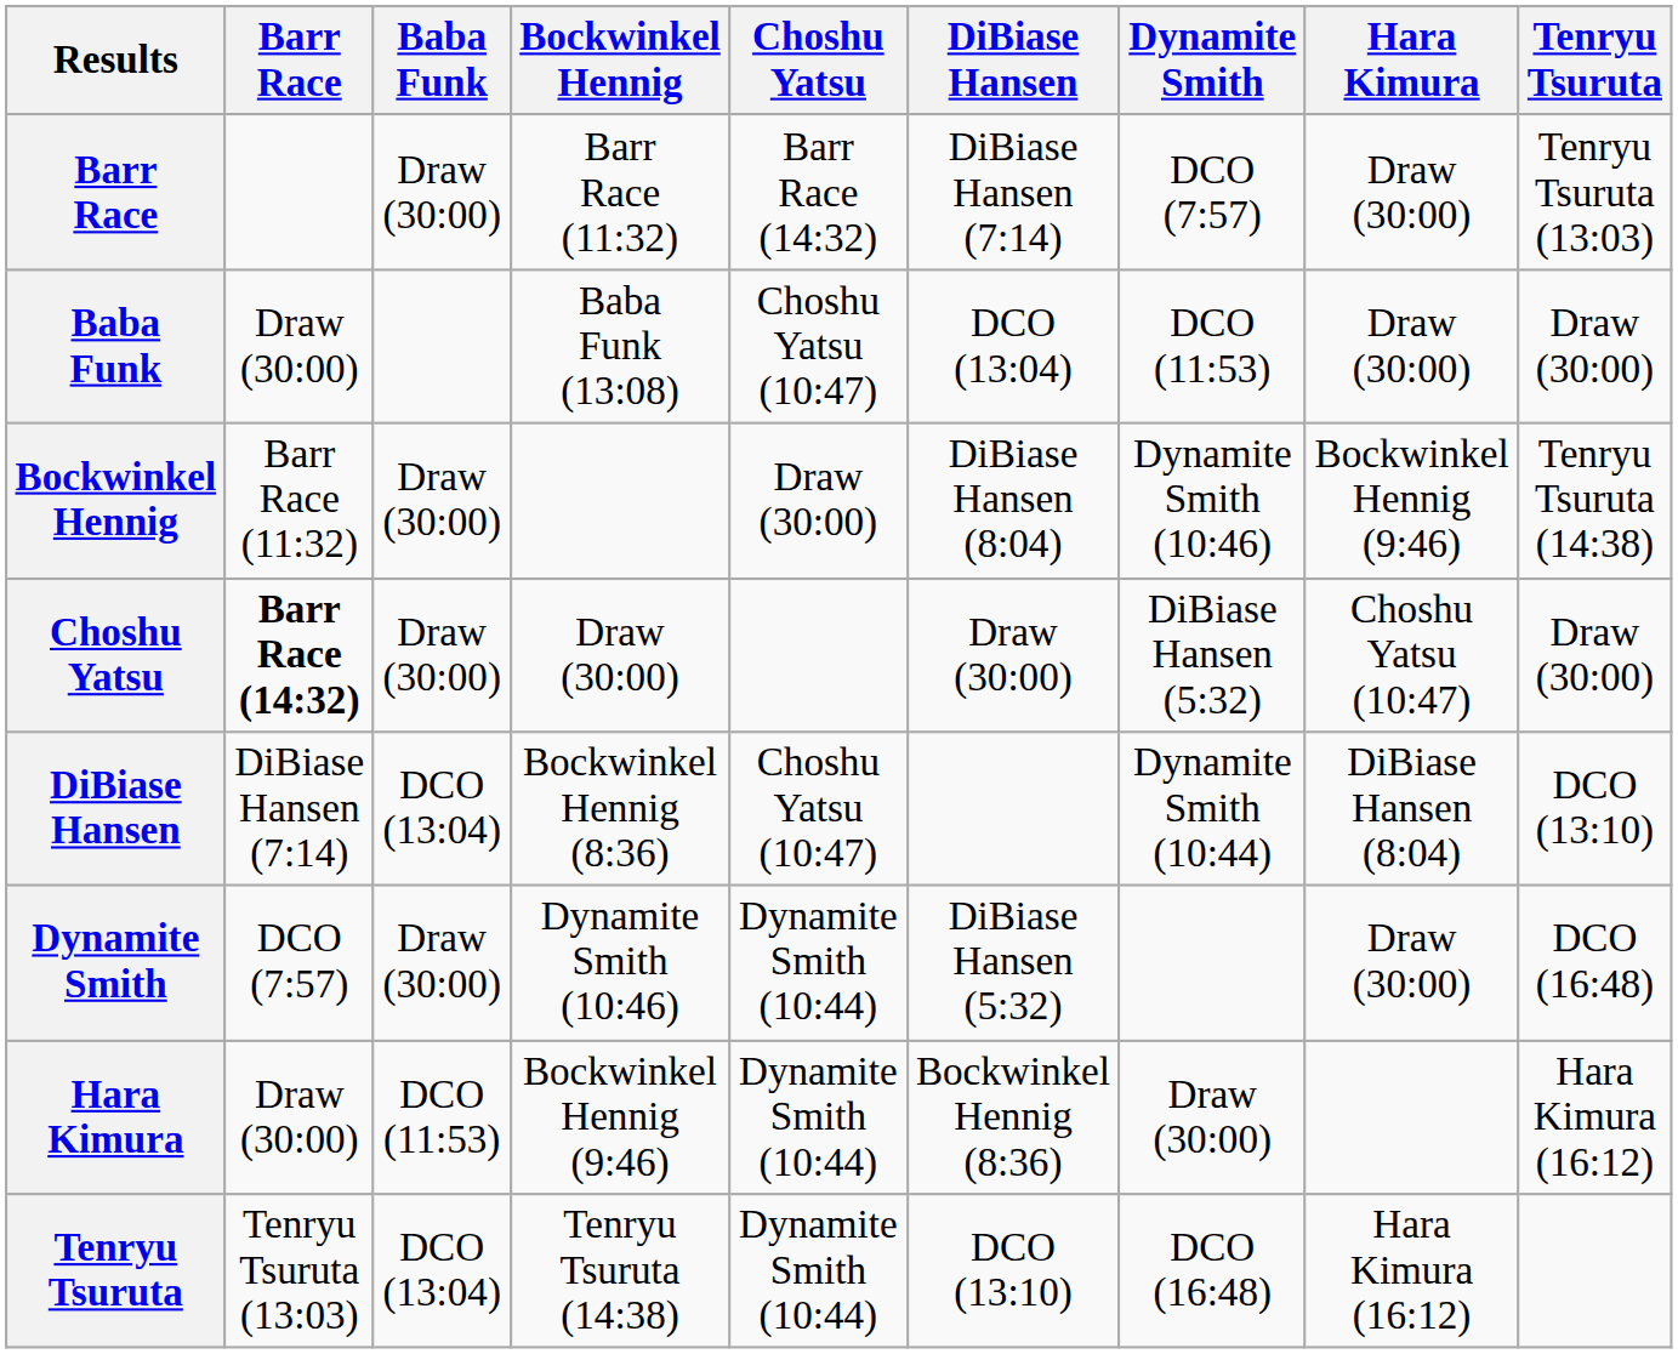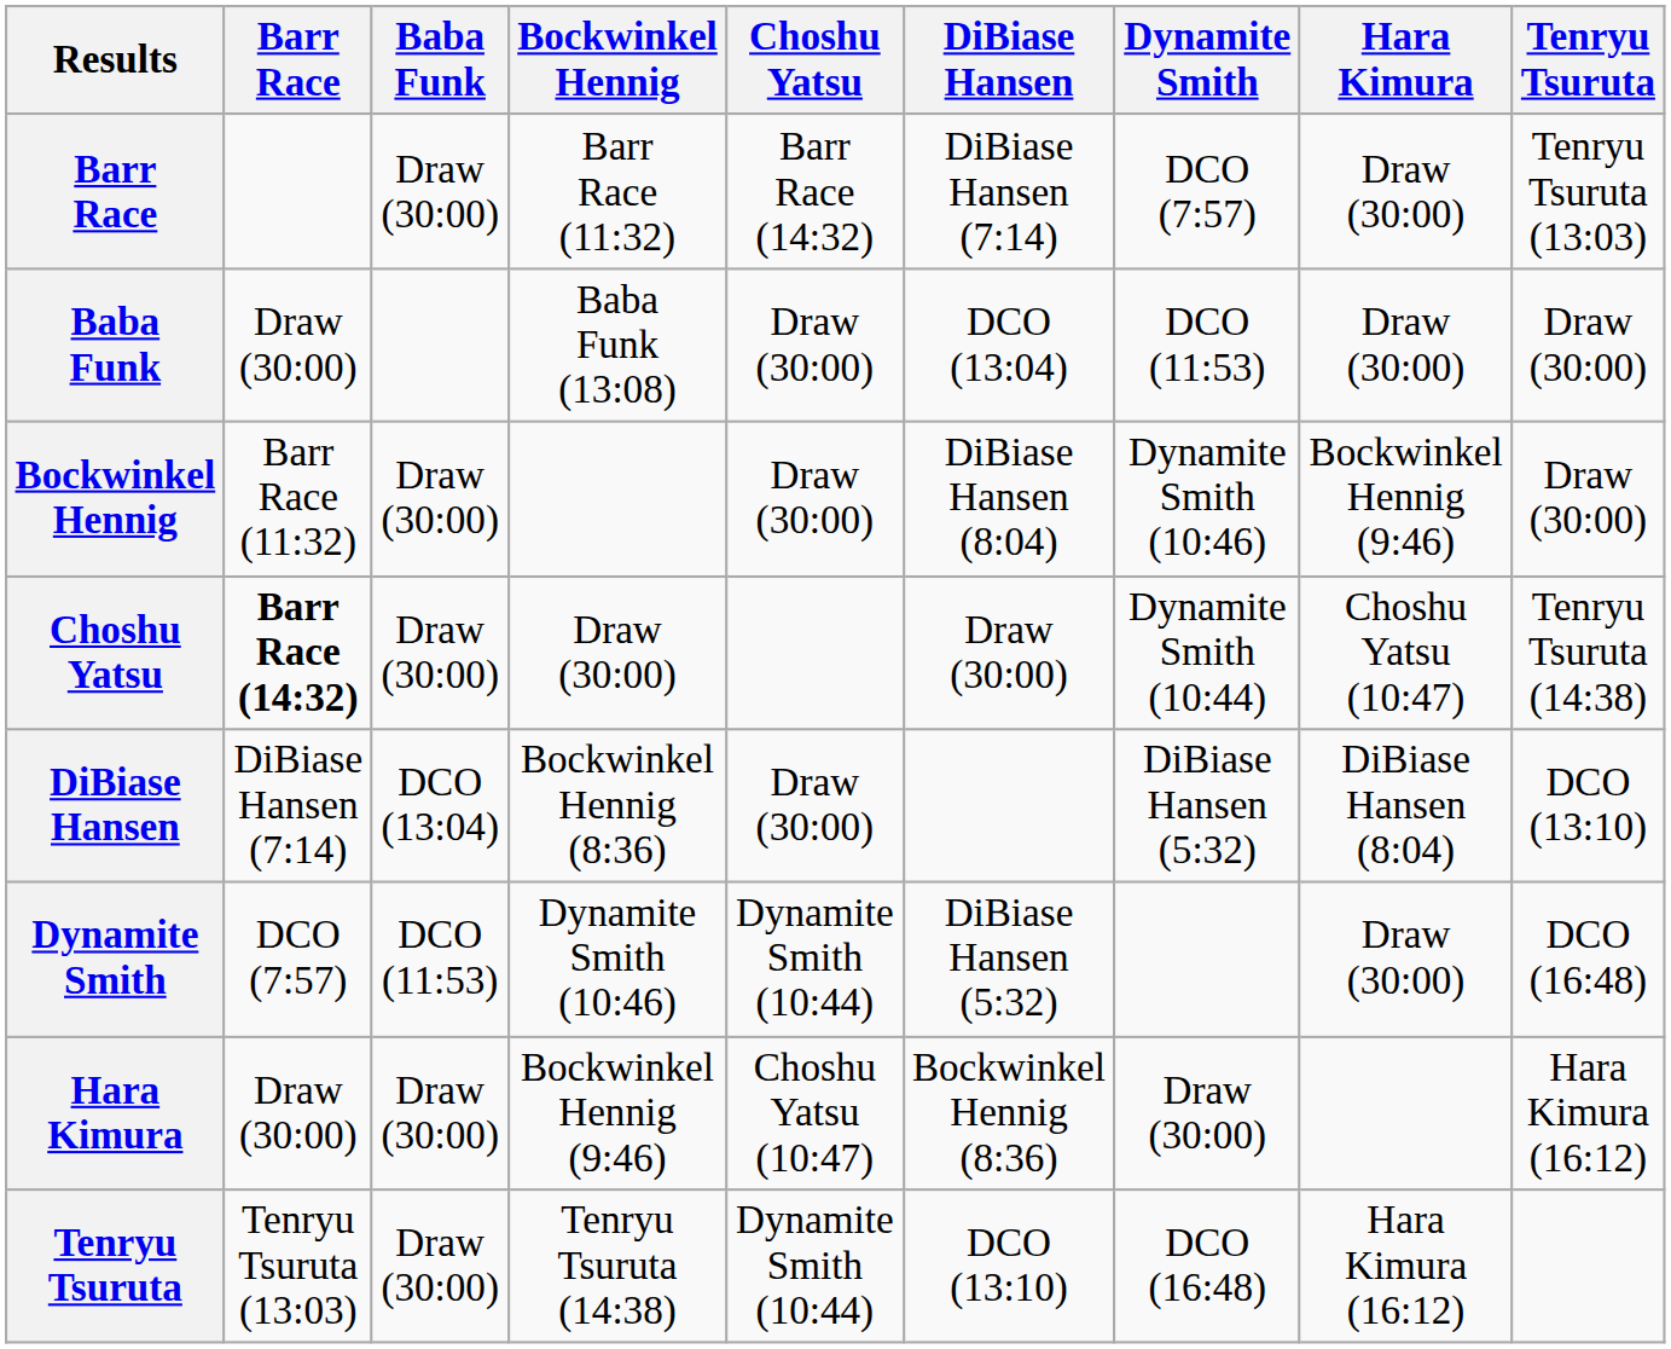 <table class="wikitable" style="text-align:center; margin: 1em auto 1em auto">
 <tr>
 <th>Results</th>
 <th><a href='#'>Barr</a><br><a href='#'>Race</a></th>
 <th><a href='#'>Baba</a><br><a href='#'>Funk</a></th>
 <th><a href='#'>Bockwinkel</a><br><a href='#'>Hennig</a></th>
 <th><a href='#'>Choshu</a><br><a href='#'>Yatsu</a></th>
 <th><a href='#'>DiBiase</a><br><a href='#'>Hansen</a></th>
 <th><a href='#'>Dynamite</a><br><a href='#'>Smith</a></th>
 <th><a href='#'>Hara</a><br><a href='#'>Kimura</a></th>
 <th><a href='#'>Tenryu</a><br><a href='#'>Tsuruta</a></th>
 </tr>
 <tr>
 <th><a href='#'>Barr</a><br><a href='#'>Race</a></th>
 <td></td>
 <td>Draw<br>(30:00)</td>
 <td>Barr<br>Race<br>(11:32)</td>
 <td>Barr<br>Race<br>(14:32)</td>
 <td>DiBiase<br>Hansen<br>(7:14)</td>
 <td>DCO<br>(7:57)</td>
 <td>Draw<br>(30:00)</td>
 <td>Tenryu<br>Tsuruta<br>(13:03)</td>
 </tr>
 <tr>
 <th><a href='#'>Baba</a><br><a href='#'>Funk</a></th>
 <td>Draw<br>(30:00)</td>
 <td></td>
 <td>Baba<br>Funk<br>(13:08)</td>
-<td>Choshu<br>Yatsu<br>(10:47)</td>
+<td>Draw<br>(30:00)</td>
 <td>DCO<br>(13:04)</td>
 <td>DCO<br>(11:53)</td>
 <td>Draw<br>(30:00)</td>
 <td>Draw<br>(30:00)</td>
 </tr>
 <tr>
 <th><a href='#'>Bockwinkel</a><br><a href='#'>Hennig</a></th>
 <td>Barr<br>Race<br>(11:32)</td>
 <td>Draw<br>(30:00)</td>
 <td></td>
 <td>Draw<br>(30:00)</td>
 <td>DiBiase<br>Hansen<br>(8:04)</td>
 <td>Dynamite<br>Smith<br>(10:46)</td>
 <td>Bockwinkel<br>Hennig<br>(9:46)</td>
-<td>Tenryu<br>Tsuruta<br>(14:38)</td>
+<td>Draw<br>(30:00)</td>
 </tr>
 <tr>
 <th><a href='#'>Choshu</a><br><a href='#'>Yatsu</a></th>
 <td><strong>Barr<br>Race<br>(14:32)</strong></td>
 <td>Draw<br>(30:00)</td>
 <td>Draw<br>(30:00)</td>
 <td></td>
 <td>Draw<br>(30:00)</td>
-<td>DiBiase<br>Hansen<br>(5:32)</td>
+<td>Dynamite<br>Smith<br>(10:44)</td>
 <td>Choshu<br>Yatsu<br>(10:47)</td>
-<td>Draw<br>(30:00)</td>
+<td>Tenryu<br>Tsuruta<br>(14:38)</td>
 </tr>
 <tr>
 <th><a href='#'>DiBiase</a><br><a href='#'>Hansen</a></th>
 <td>DiBiase<br>Hansen<br>(7:14)</td>
 <td>DCO<br>(13:04)</td>
 <td>Bockwinkel<br>Hennig<br>(8:36)</td>
-<td>Choshu<br>Yatsu<br>(10:47)</td>
+<td>Draw<br>(30:00)</td>
 <td></td>
-<td>Dynamite<br>Smith<br>(10:44)</td>
+<td>DiBiase<br>Hansen<br>(5:32)</td>
 <td>DiBiase<br>Hansen<br>(8:04)</td>
 <td>DCO<br>(13:10)</td>
 </tr>
 <tr>
 <th><a href='#'>Dynamite</a><br><a href='#'>Smith</a></th>
 <td>DCO<br>(7:57)</td>
-<td>Draw<br>(30:00)</td>
+<td>DCO<br>(11:53)</td>
 <td>Dynamite<br>Smith<br>(10:46)</td>
 <td>Dynamite<br>Smith<br>(10:44)</td>
 <td>DiBiase<br>Hansen<br>(5:32)</td>
 <td></td>
 <td>Draw<br>(30:00)</td>
 <td>DCO<br>(16:48)</td>
 </tr>
 <tr>
 <th><a href='#'>Hara</a><br><a href='#'>Kimura</a></th>
 <td>Draw<br>(30:00)</td>
-<td>DCO<br>(11:53)</td>
+<td>Draw<br>(30:00)</td>
 <td>Bockwinkel<br>Hennig<br>(9:46)</td>
-<td>Dynamite<br>Smith<br>(10:44)</td>
+<td>Choshu<br>Yatsu<br>(10:47)</td>
 <td>Bockwinkel<br>Hennig<br>(8:36)</td>
 <td>Draw<br>(30:00)</td>
 <td></td>
 <td>Hara<br>Kimura<br>(16:12)</td>
 </tr>
 <tr>
 <th><a href='#'>Tenryu</a><br><a href='#'>Tsuruta</a></th>
 <td>Tenryu<br>Tsuruta<br>(13:03)</td>
-<td>DCO<br>(13:04)</td>
+<td>Draw<br>(30:00)</td>
 <td>Tenryu<br>Tsuruta<br>(14:38)</td>
 <td>Dynamite<br>Smith<br>(10:44)</td>
 <td>DCO<br>(13:10)</td>
 <td>DCO<br>(16:48)</td>
 <td>Hara<br>Kimura<br>(16:12)</td>
 <td></td>
 </tr>
 </table>
